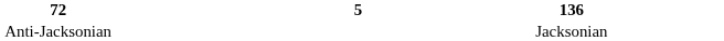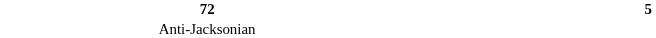 <table style="width:60%; text-align:center">
 <tr>
 <td style="background:"><strong>72</strong></td>
 <td style="background:"><strong>5</strong></td>
-<td style="background:"><strong>136</strong></td>
 </tr>
 <tr>
 <td>Anti-Jacksonian</td>
 <td></td>
-<td>Jacksonian</td>
 </tr>
 </table>
